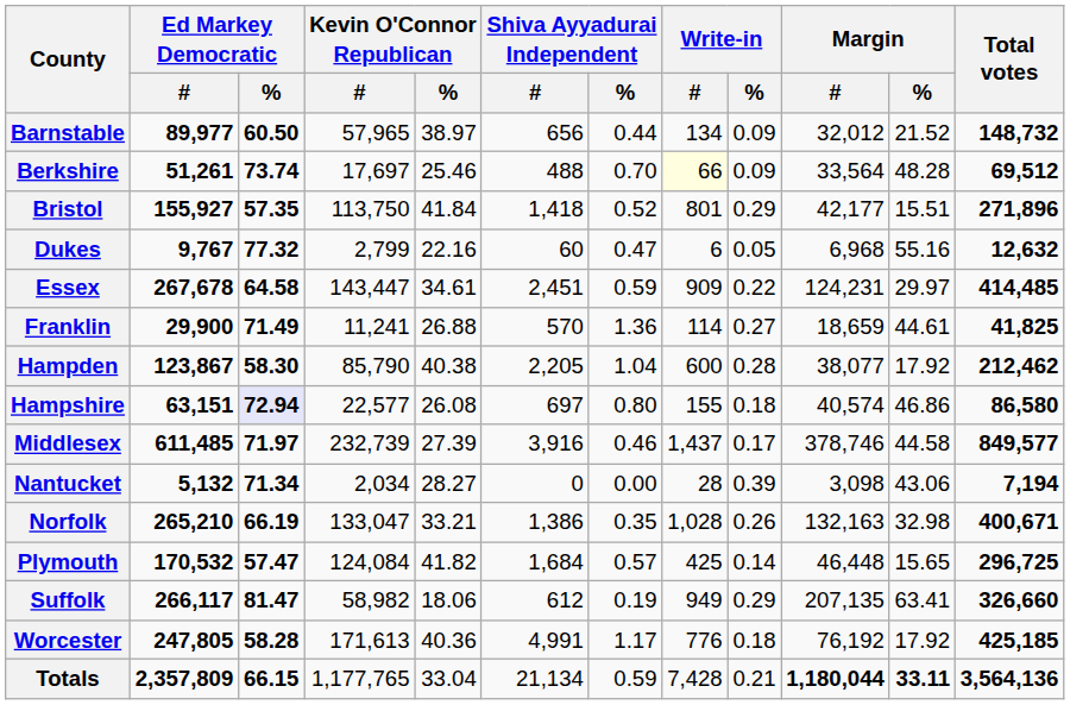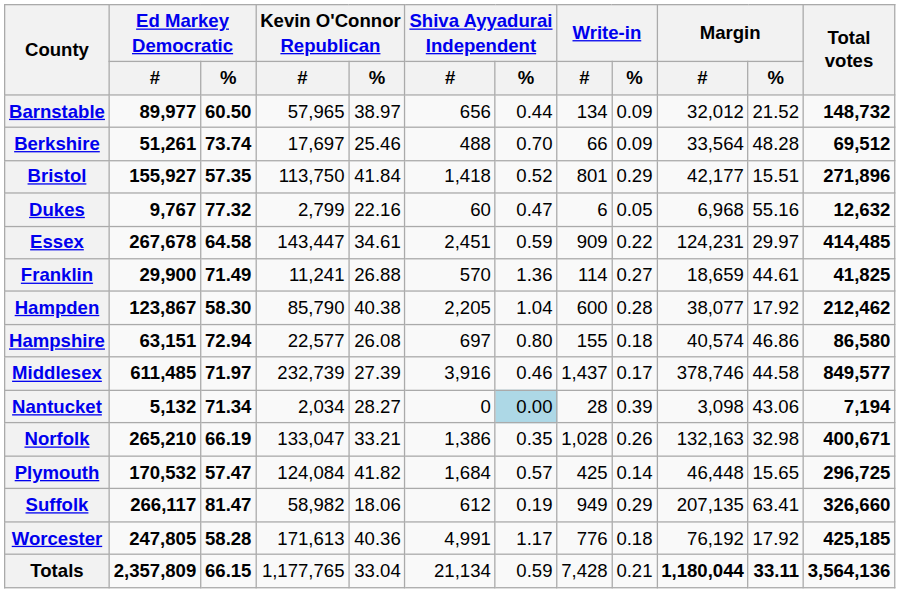 <table class="wikitable sortable" style="text-align:right;font-size:90%;line-height:1.3">
 <tr>
 <th rowspan="2">County</th>
 <th colspan="2"><a href='#'>Ed Markey</a><br><a href='#'>Democratic</a></th>
 <th colspan="2">Kevin O'Connor<br><a href='#'>Republican</a></th>
 <th colspan="2"><a href='#'>Shiva Ayyadurai</a><br><a href='#'>Independent</a></th>
 <th colspan="2"><a href='#'>Write-in</a></th>
 <th colspan="2">Margin</th>
 <th rowspan="2">Total<br>votes</th>
 </tr>
 <tr>
 <th data-sort-type="number">#</th>
 <th data-sort-type="number">%</th>
 <th data-sort-type="number">#</th>
 <th data-sort-type="number">%</th>
 <th data-sort-type="number">#</th>
 <th data-sort-type="number">%</th>
 <th data-sort-type="number">#</th>
 <th data-sort-type="number">%</th>
 <th data-sort-type="number">#</th>
 <th data-sort-type="number">%</th>
 </tr>
 <tr>
 <th><a href='#'>Barnstable</a></th>
 <td><strong>89,977</strong></td>
 <td><strong>60.50</strong></td>
 <td>57,965</td>
 <td>38.97</td>
 <td>656</td>
 <td>0.44</td>
 <td>134</td>
 <td>0.09</td>
 <td>32,012</td>
 <td>21.52</td>
 <td><strong>148,732</strong></td>
 </tr>
 <tr>
 <th><a href='#'>Berkshire</a></th>
 <td><strong>51,261</strong></td>
 <td><strong>73.74</strong></td>
 <td>17,697</td>
 <td>25.46</td>
 <td>488</td>
 <td>0.70</td>
-<td style="background: lightyellow;">66</td>
+<td>66</td>
 <td>0.09</td>
 <td>33,564</td>
 <td>48.28</td>
 <td><strong>69,512</strong></td>
 </tr>
 <tr>
 <th><a href='#'>Bristol</a></th>
 <td><strong>155,927</strong></td>
 <td><strong>57.35</strong></td>
 <td>113,750</td>
 <td>41.84</td>
 <td>1,418</td>
 <td>0.52</td>
 <td>801</td>
 <td>0.29</td>
 <td>42,177</td>
 <td>15.51</td>
 <td><strong>271,896</strong></td>
 </tr>
 <tr>
 <th><a href='#'>Dukes</a></th>
 <td><strong>9,767</strong></td>
 <td><strong>77.32</strong></td>
 <td>2,799</td>
 <td>22.16</td>
 <td>60</td>
 <td>0.47</td>
 <td>6</td>
 <td>0.05</td>
 <td>6,968</td>
 <td>55.16</td>
 <td><strong>12,632</strong></td>
 </tr>
 <tr>
 <th><a href='#'>Essex</a></th>
 <td><strong>267,678</strong></td>
 <td><strong>64.58</strong></td>
 <td>143,447</td>
 <td>34.61</td>
 <td>2,451</td>
 <td>0.59</td>
 <td>909</td>
 <td>0.22</td>
 <td>124,231</td>
 <td>29.97</td>
 <td><strong>414,485</strong></td>
 </tr>
 <tr>
 <th><a href='#'>Franklin</a></th>
 <td><strong>29,900</strong></td>
 <td><strong>71.49</strong></td>
 <td>11,241</td>
 <td>26.88</td>
 <td>570</td>
 <td>1.36</td>
 <td>114</td>
 <td>0.27</td>
 <td>18,659</td>
 <td>44.61</td>
 <td><strong>41,825</strong></td>
 </tr>
 <tr>
 <th><a href='#'>Hampden</a></th>
 <td><strong>123,867</strong></td>
 <td><strong>58.30</strong></td>
 <td>85,790</td>
 <td>40.38</td>
 <td>2,205</td>
 <td>1.04</td>
 <td>600</td>
 <td>0.28</td>
 <td>38,077</td>
 <td>17.92</td>
 <td><strong>212,462</strong></td>
 </tr>
 <tr>
 <th><a href='#'>Hampshire</a></th>
 <td><strong>63,151</strong></td>
-<td style="background: lavender;"><strong>72.94</strong></td>
+<td><strong>72.94</strong></td>
 <td>22,577</td>
 <td>26.08</td>
 <td>697</td>
 <td>0.80</td>
 <td>155</td>
 <td>0.18</td>
 <td>40,574</td>
 <td>46.86</td>
 <td><strong>86,580</strong></td>
 </tr>
 <tr>
 <th><a href='#'>Middlesex</a></th>
 <td><strong>611,485</strong></td>
 <td><strong>71.97</strong></td>
 <td>232,739</td>
 <td>27.39</td>
 <td>3,916</td>
 <td>0.46</td>
 <td>1,437</td>
 <td>0.17</td>
 <td>378,746</td>
 <td>44.58</td>
 <td><strong>849,577</strong></td>
 </tr>
 <tr>
 <th><a href='#'>Nantucket</a></th>
 <td><strong>5,132</strong></td>
 <td><strong>71.34</strong></td>
 <td>2,034</td>
 <td>28.27</td>
 <td>0</td>
-<td>0.00</td>
+<td style="background: lightblue;">0.00</td>
 <td>28</td>
 <td>0.39</td>
 <td>3,098</td>
 <td>43.06</td>
 <td><strong>7,194</strong></td>
 </tr>
 <tr>
 <th><a href='#'>Norfolk</a></th>
 <td><strong>265,210</strong></td>
 <td><strong>66.19</strong></td>
 <td>133,047</td>
 <td>33.21</td>
 <td>1,386</td>
 <td>0.35</td>
 <td>1,028</td>
 <td>0.26</td>
 <td>132,163</td>
 <td>32.98</td>
 <td><strong>400,671</strong></td>
 </tr>
 <tr>
 <th><a href='#'>Plymouth</a></th>
 <td><strong>170,532</strong></td>
 <td><strong>57.47</strong></td>
 <td>124,084</td>
 <td>41.82</td>
 <td>1,684</td>
 <td>0.57</td>
 <td>425</td>
 <td>0.14</td>
 <td>46,448</td>
 <td>15.65</td>
 <td><strong>296,725</strong></td>
 </tr>
 <tr>
 <th><a href='#'>Suffolk</a></th>
 <td><strong>266,117</strong></td>
 <td><strong>81.47</strong></td>
 <td>58,982</td>
 <td>18.06</td>
 <td>612</td>
 <td>0.19</td>
 <td>949</td>
 <td>0.29</td>
 <td>207,135</td>
 <td>63.41</td>
 <td><strong>326,660</strong></td>
 </tr>
 <tr>
 <th><a href='#'>Worcester</a></th>
 <td><strong>247,805</strong></td>
 <td><strong>58.28</strong></td>
 <td>171,613</td>
 <td>40.36</td>
 <td>4,991</td>
 <td>1.17</td>
 <td>776</td>
 <td>0.18</td>
 <td>76,192</td>
 <td>17.92</td>
 <td><strong>425,185</strong></td>
 </tr>
 <tr class=sortbottom>
 <th>Totals</th>
 <td><strong>2,357,809</strong></td>
 <td><strong>66.15</strong></td>
 <td>1,177,765</td>
 <td>33.04</td>
 <td>21,134</td>
 <td>0.59</td>
 <td>7,428</td>
 <td>0.21</td>
 <td><strong>1,180,044</strong></td>
 <td><strong>33.11</strong></td>
 <td><strong>3,564,136</strong></td>
 </tr>
 </table>
